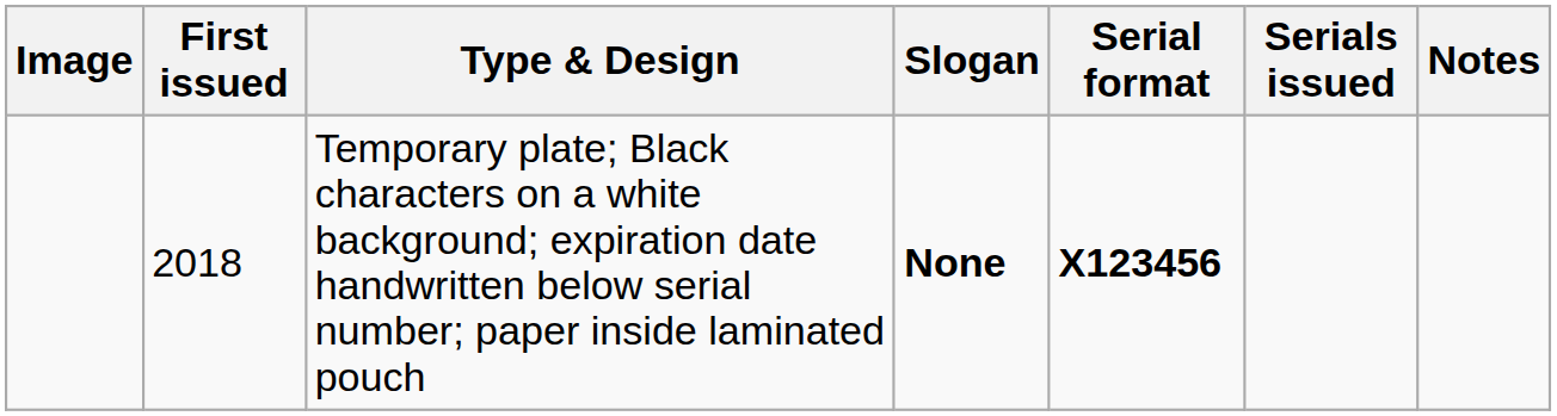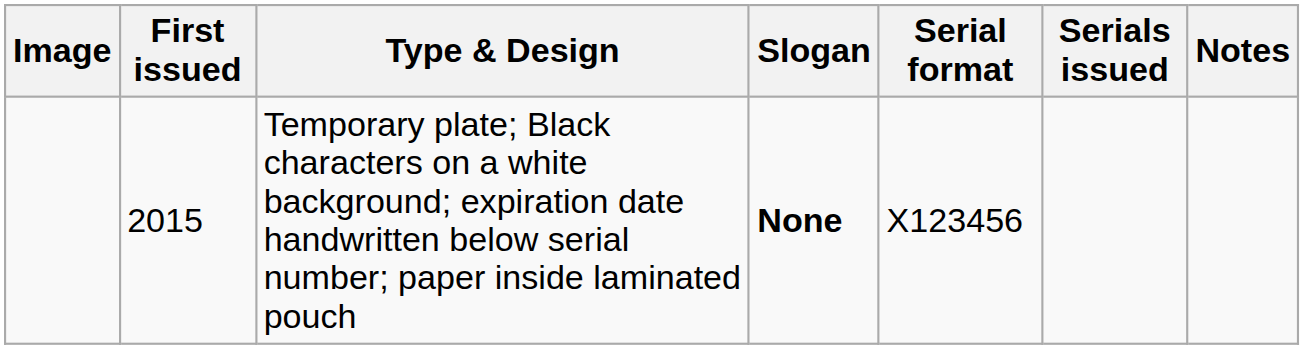 <table class="wikitable">
 <tr>
 <th>Image</th>
 <th>First issued</th>
 <th>Type & Design</th>
 <th>Slogan</th>
 <th>Serial format</th>
 <th>Serials issued</th>
 <th>Notes</th>
 </tr>
 <tr>
 <td></td>
-<td>2018</td>
+<td>2015</td>
 <td>Temporary plate; Black characters on a white background; expiration date handwritten below serial number; paper inside laminated pouch</td>
 <td><strong>None</strong></td>
-<td><strong>X123456</strong></td>
+<td>X123456</td>
 <td></td>
 <td></td>
 </tr>
 </table>
